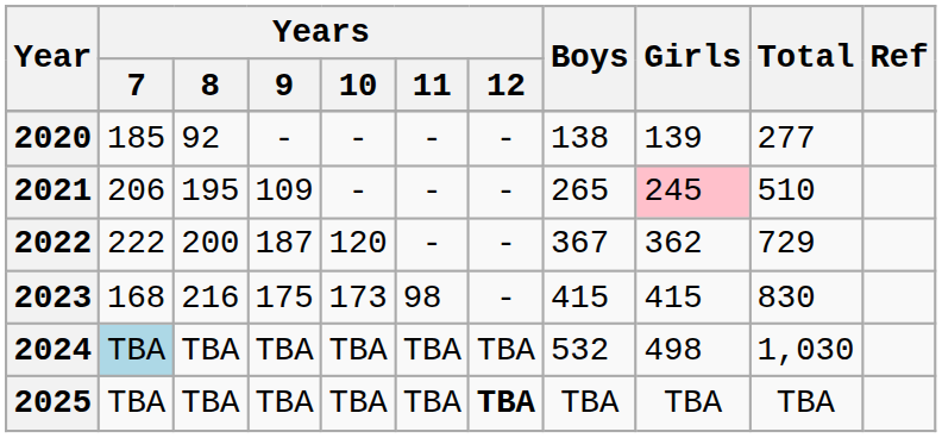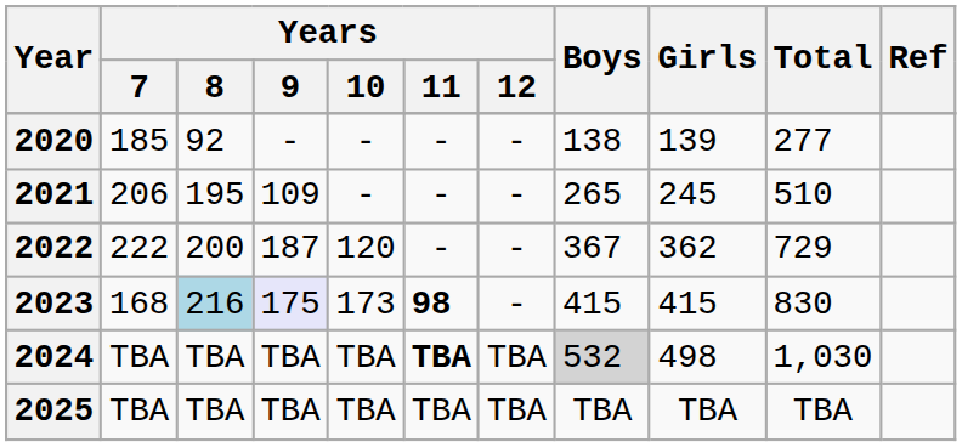 <table class="wikitable sortable">
 <tr>
 <th rowspan=2>Year</th>
 <th colspan=6>Years</th>
 <th rowspan=2>Boys</th>
 <th rowspan=2>Girls</th>
 <th rowspan=2>Total</th>
 <th rowspan=2>Ref</th>
 </tr>
 <tr>
 <th>7</th>
 <th>8</th>
 <th>9</th>
 <th>10</th>
 <th>11</th>
 <th>12</th>
 </tr>
 <tr>
 </tr>
 <tr>
 <th>2020</th>
 <td>185</td>
 <td>92</td>
 <td style="text-align:center">-</td>
 <td style="text-align:center">-</td>
 <td style="text-align:center">-</td>
 <td style="text-align:center">-</td>
 <td>138</td>
 <td>139</td>
 <td>277</td>
 <td></td>
 </tr>
 <tr>
 <th>2021</th>
 <td>206</td>
 <td>195</td>
 <td>109</td>
 <td style="text-align:center">-</td>
 <td style="text-align:center">-</td>
 <td style="text-align:center">-</td>
 <td>265</td>
-<td style="background: pink;">245</td>
+<td>245</td>
 <td>510</td>
 <td></td>
 </tr>
 <tr>
 <th>2022</th>
 <td>222</td>
 <td>200</td>
 <td>187</td>
 <td>120</td>
 <td style="text-align:center">-</td>
 <td style="text-align:center">-</td>
 <td>367</td>
 <td>362</td>
 <td>729</td>
 <td></td>
 </tr>
 <tr>
 <th>2023</th>
 <td>168</td>
-<td>216</td>
-<td>175</td>
+<td style="background: lightblue;">216</td>
+<td style="background: lavender;">175</td>
 <td>173</td>
-<td>98</td>
+<td><strong>98</strong></td>
 <td style="text-align:center">-</td>
 <td>415</td>
 <td>415</td>
 <td>830</td>
 <td></td>
 </tr>
 <tr>
 <th>2024</th>
-<td style="background: lightblue; text-align:center">TBA</td>
 <td style="text-align:center">TBA</td>
 <td style="text-align:center">TBA</td>
 <td style="text-align:center">TBA</td>
 <td style="text-align:center">TBA</td>
+<td style="text-align:center"><strong>TBA</strong></td>
 <td style="text-align:center">TBA</td>
-<td>532</td>
+<td style="background: lightgrey;">532</td>
 <td>498</td>
 <td>1,030</td>
 <td></td>
 </tr>
 <tr>
 <th>2025</th>
 <td style="text-align:center">TBA</td>
 <td style="text-align:center">TBA</td>
 <td style="text-align:center">TBA</td>
 <td style="text-align:center">TBA</td>
 <td style="text-align:center">TBA</td>
-<td style="text-align:center"><strong>TBA</strong></td>
+<td style="text-align:center">TBA</td>
 <td style="text-align:center">TBA</td>
 <td style="text-align:center">TBA</td>
 <td style="text-align:center">TBA</td>
 <td></td>
 </tr>
 </table>
